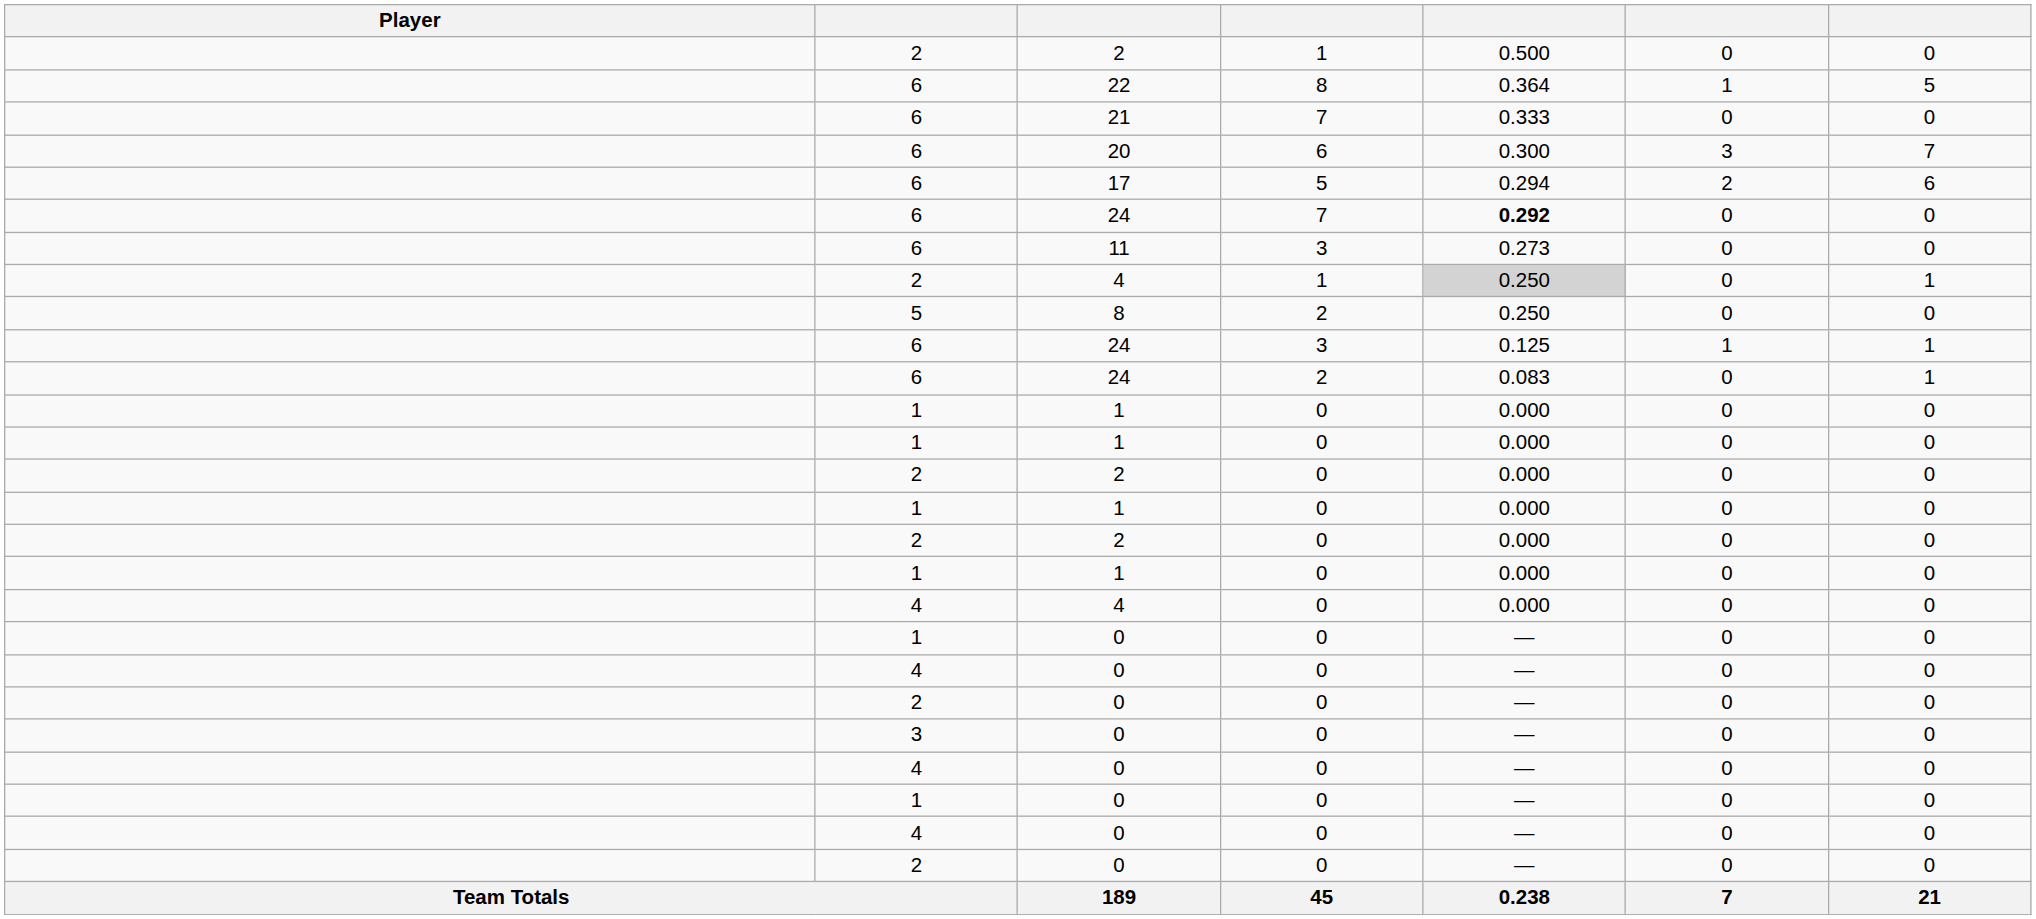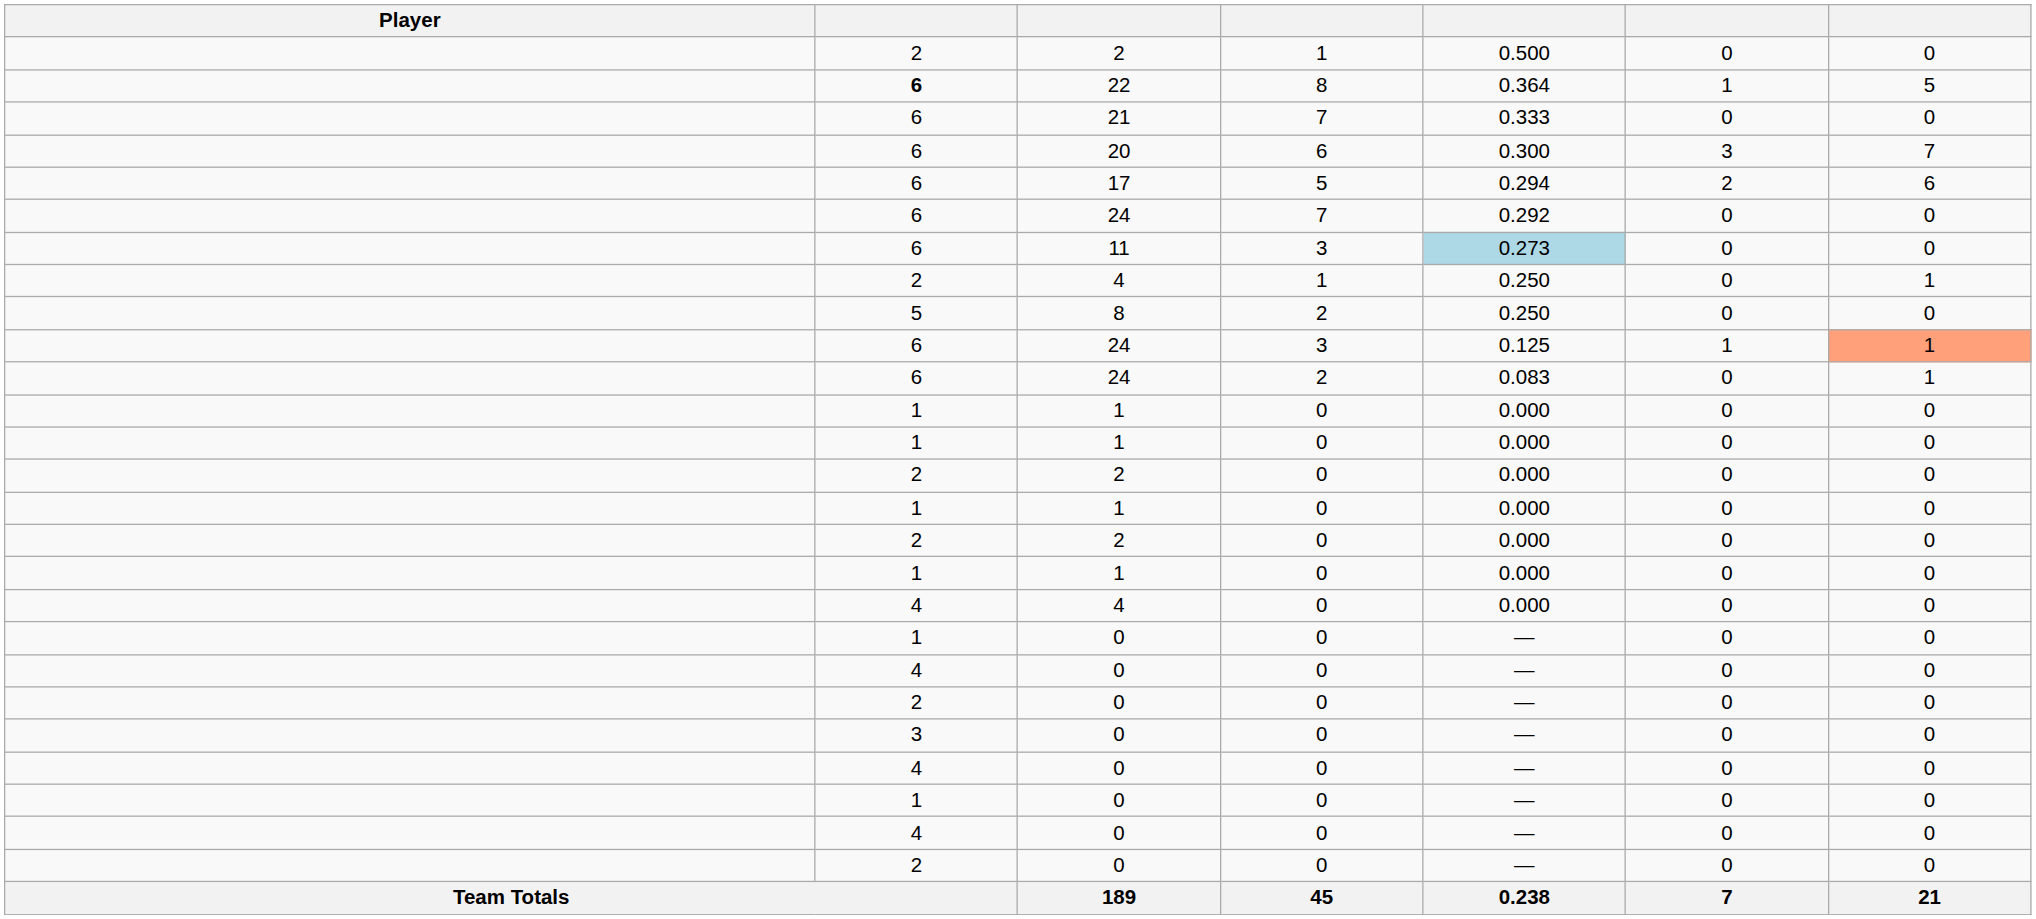 <table class="wikitable sortable" style="text-align:center;" width="100%">
 <tr>
 <th width="40%">Player</th>
 <th width="10%"></th>
 <th width="10%"></th>
 <th width="10%"></th>
 <th width="10%"></th>
 <th width="10%"></th>
 <th width="10%"></th>
 </tr>
 <tr>
 <td></td>
 <td>2</td>
 <td>2</td>
 <td>1</td>
 <td>0.500</td>
 <td>0</td>
 <td>0</td>
 </tr>
 <tr>
 <td></td>
-<td>6</td>
+<td><strong>6</strong></td>
 <td>22</td>
 <td>8</td>
 <td>0.364</td>
 <td>1</td>
 <td>5</td>
 </tr>
 <tr>
 <td></td>
 <td>6</td>
 <td>21</td>
 <td>7</td>
 <td>0.333</td>
 <td>0</td>
 <td>0</td>
 </tr>
 <tr>
 <td></td>
 <td>6</td>
 <td>20</td>
 <td>6</td>
 <td>0.300</td>
 <td>3</td>
 <td>7</td>
 </tr>
 <tr>
 <td></td>
 <td>6</td>
 <td>17</td>
 <td>5</td>
 <td>0.294</td>
 <td>2</td>
 <td>6</td>
 </tr>
 <tr>
 <td></td>
 <td>6</td>
 <td>24</td>
 <td>7</td>
-<td><strong>0.292</strong></td>
+<td>0.292</td>
 <td>0</td>
 <td>0</td>
 </tr>
 <tr>
 <td></td>
 <td>6</td>
 <td>11</td>
 <td>3</td>
-<td>0.273</td>
+<td style="background: lightblue;">0.273</td>
 <td>0</td>
 <td>0</td>
 </tr>
 <tr>
 <td></td>
 <td>2</td>
 <td>4</td>
 <td>1</td>
-<td style="background: lightgrey;">0.250</td>
+<td>0.250</td>
 <td>0</td>
 <td>1</td>
 </tr>
 <tr>
 <td></td>
 <td>5</td>
 <td>8</td>
 <td>2</td>
 <td>0.250</td>
 <td>0</td>
 <td>0</td>
 </tr>
 <tr>
 <td></td>
 <td>6</td>
 <td>24</td>
 <td>3</td>
 <td>0.125</td>
 <td>1</td>
-<td>1</td>
+<td style="background: lightsalmon;">1</td>
 </tr>
 <tr>
 <td></td>
 <td>6</td>
 <td>24</td>
 <td>2</td>
 <td>0.083</td>
 <td>0</td>
 <td>1</td>
 </tr>
 <tr>
 <td></td>
 <td>1</td>
 <td>1</td>
 <td>0</td>
 <td>0.000</td>
 <td>0</td>
 <td>0</td>
 </tr>
 <tr>
 <td></td>
 <td>1</td>
 <td>1</td>
 <td>0</td>
 <td>0.000</td>
 <td>0</td>
 <td>0</td>
 </tr>
 <tr>
 <td></td>
 <td>2</td>
 <td>2</td>
 <td>0</td>
 <td>0.000</td>
 <td>0</td>
 <td>0</td>
 </tr>
 <tr>
 <td></td>
 <td>1</td>
 <td>1</td>
 <td>0</td>
 <td>0.000</td>
 <td>0</td>
 <td>0</td>
 </tr>
 <tr>
 <td></td>
 <td>2</td>
 <td>2</td>
 <td>0</td>
 <td>0.000</td>
 <td>0</td>
 <td>0</td>
 </tr>
 <tr>
 <td></td>
 <td>1</td>
 <td>1</td>
 <td>0</td>
 <td>0.000</td>
 <td>0</td>
 <td>0</td>
 </tr>
 <tr>
 <td></td>
 <td>4</td>
 <td>4</td>
 <td>0</td>
 <td>0.000</td>
 <td>0</td>
 <td>0</td>
 </tr>
 <tr>
 <td></td>
 <td>1</td>
 <td>0</td>
 <td>0</td>
 <td>—</td>
 <td>0</td>
 <td>0</td>
 </tr>
 <tr>
 <td></td>
 <td>4</td>
 <td>0</td>
 <td>0</td>
 <td>—</td>
 <td>0</td>
 <td>0</td>
 </tr>
 <tr>
 <td></td>
 <td>2</td>
 <td>0</td>
 <td>0</td>
 <td>—</td>
 <td>0</td>
 <td>0</td>
 </tr>
 <tr>
 <td></td>
 <td>3</td>
 <td>0</td>
 <td>0</td>
 <td>—</td>
 <td>0</td>
 <td>0</td>
 </tr>
 <tr>
 <td></td>
 <td>4</td>
 <td>0</td>
 <td>0</td>
 <td>—</td>
 <td>0</td>
 <td>0</td>
 </tr>
 <tr>
 <td></td>
 <td>1</td>
 <td>0</td>
 <td>0</td>
 <td>—</td>
 <td>0</td>
 <td>0</td>
 </tr>
 <tr>
 <td></td>
 <td>4</td>
 <td>0</td>
 <td>0</td>
 <td>—</td>
 <td>0</td>
 <td>0</td>
 </tr>
 <tr>
 <td></td>
 <td>2</td>
 <td>0</td>
 <td>0</td>
 <td>—</td>
 <td>0</td>
 <td>0</td>
 </tr>
 <tr>
 <th colspan="2">Team Totals</th>
 <th>189</th>
 <th>45</th>
 <th>0.238</th>
 <th>7</th>
 <th>21</th>
 </tr>
 </table>
